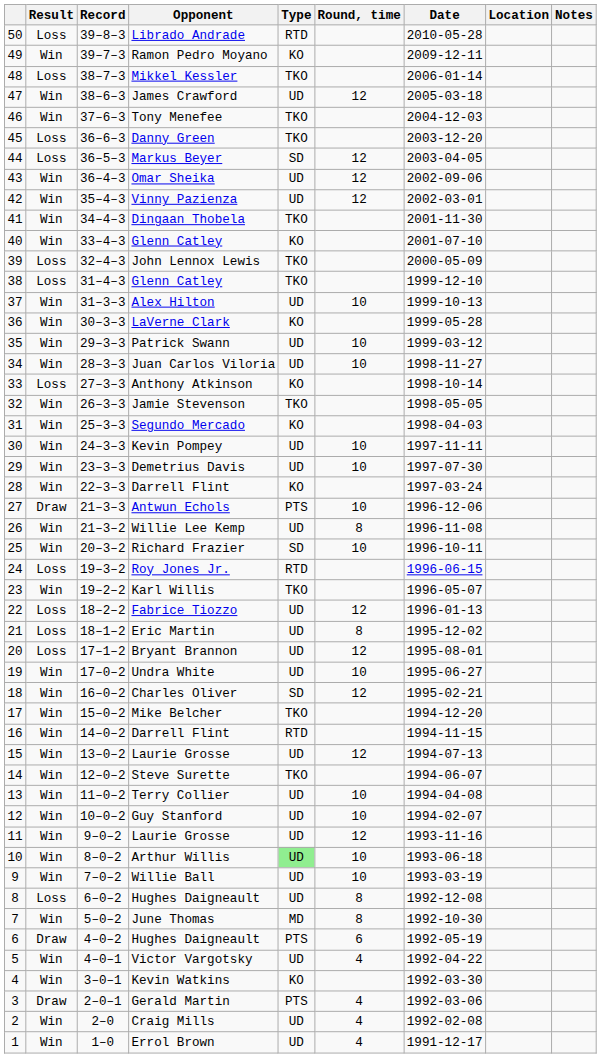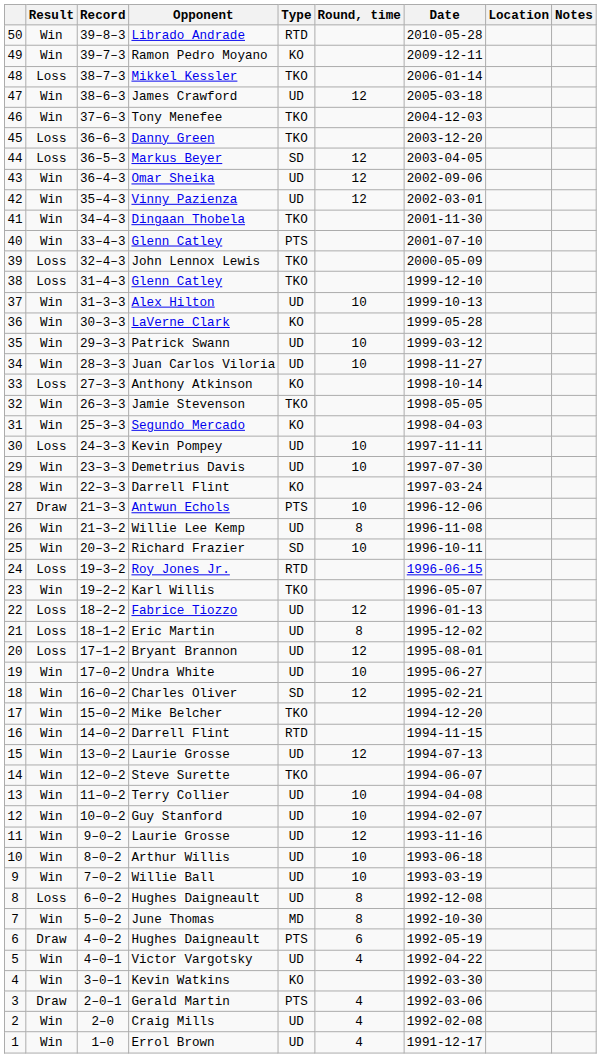 <table class="wikitable" style="text-align:center">
 <tr>
 <th></th>
 <th>Result</th>
 <th>Record</th>
 <th>Opponent</th>
 <th>Type</th>
 <th>Round, time</th>
 <th>Date</th>
 <th>Location</th>
 <th>Notes</th>
 </tr>
 <tr>
 <td>50</td>
-<td>Loss</td>
+<td>Win</td>
 <td>39–8–3</td>
 <td align=left><a href='#'>Librado Andrade</a></td>
 <td>RTD</td>
 <td></td>
 <td>2010-05-28</td>
 <td align=left></td>
 <td align=left></td>
 </tr>
 <tr>
 <td>49</td>
 <td>Win</td>
 <td>39–7–3</td>
 <td align=left>Ramon Pedro Moyano</td>
 <td>KO</td>
 <td></td>
 <td>2009-12-11</td>
 <td align=left></td>
 <td align=left></td>
 </tr>
 <tr>
 <td>48</td>
 <td>Loss</td>
 <td>38–7–3</td>
 <td align=left><a href='#'>Mikkel Kessler</a></td>
 <td>TKO</td>
 <td></td>
 <td>2006-01-14</td>
 <td align=left></td>
 <td align=left></td>
 </tr>
 <tr>
 <td>47</td>
 <td>Win</td>
 <td>38–6–3</td>
 <td align=left>James Crawford</td>
 <td>UD</td>
 <td>12</td>
 <td>2005-03-18</td>
 <td align=left></td>
 <td align=left></td>
 </tr>
 <tr>
 <td>46</td>
 <td>Win</td>
 <td>37–6–3</td>
 <td align=left>Tony Menefee</td>
 <td>TKO</td>
 <td></td>
 <td>2004-12-03</td>
 <td align=left></td>
 <td align=left></td>
 </tr>
 <tr>
 <td>45</td>
 <td>Loss</td>
 <td>36–6–3</td>
 <td align=left><a href='#'>Danny Green</a></td>
 <td>TKO</td>
 <td></td>
 <td>2003-12-20</td>
 <td align=left></td>
 <td align=left></td>
 </tr>
 <tr>
 <td>44</td>
 <td>Loss</td>
 <td>36–5–3</td>
 <td align=left><a href='#'>Markus Beyer</a></td>
 <td>SD</td>
 <td>12</td>
 <td>2003-04-05</td>
 <td align=left></td>
 <td align=left></td>
 </tr>
 <tr>
 <td>43</td>
 <td>Win</td>
 <td>36–4–3</td>
 <td align=left><a href='#'>Omar Sheika</a></td>
 <td>UD</td>
 <td>12</td>
 <td>2002-09-06</td>
 <td align=left></td>
 <td align=left></td>
 </tr>
 <tr>
 <td>42</td>
 <td>Win</td>
 <td>35–4–3</td>
 <td align=left><a href='#'>Vinny Pazienza</a></td>
 <td>UD</td>
 <td>12</td>
 <td>2002-03-01</td>
 <td align=left></td>
 <td align=left></td>
 </tr>
 <tr>
 <td>41</td>
 <td>Win</td>
 <td>34–4–3</td>
 <td align=left><a href='#'>Dingaan Thobela</a></td>
 <td>TKO</td>
 <td></td>
 <td>2001-11-30</td>
 <td align=left></td>
 <td align=left></td>
 </tr>
 <tr>
 <td>40</td>
 <td>Win</td>
 <td>33–4–3</td>
 <td align=left><a href='#'>Glenn Catley</a></td>
-<td>KO</td>
+<td>PTS</td>
 <td></td>
 <td>2001-07-10</td>
 <td align=left></td>
 <td align=left></td>
 </tr>
 <tr>
 <td>39</td>
 <td>Loss</td>
 <td>32–4–3</td>
 <td align=left>John Lennox Lewis</td>
 <td>TKO</td>
 <td></td>
 <td>2000-05-09</td>
 <td align=left></td>
 <td align=left></td>
 </tr>
 <tr>
 <td>38</td>
 <td>Loss</td>
 <td>31–4–3</td>
 <td align=left><a href='#'>Glenn Catley</a></td>
 <td>TKO</td>
 <td></td>
 <td>1999-12-10</td>
 <td align=left></td>
 <td align=left></td>
 </tr>
 <tr>
 <td>37</td>
 <td>Win</td>
 <td>31–3–3</td>
 <td align=left><a href='#'>Alex Hilton</a></td>
 <td>UD</td>
 <td>10</td>
 <td>1999-10-13</td>
 <td align=left></td>
 <td align=left></td>
 </tr>
 <tr>
 <td>36</td>
 <td>Win</td>
 <td>30–3–3</td>
 <td align=left><a href='#'>LaVerne Clark</a></td>
 <td>KO</td>
 <td></td>
 <td>1999-05-28</td>
 <td align=left></td>
 <td align=left></td>
 </tr>
 <tr>
 <td>35</td>
 <td>Win</td>
 <td>29–3–3</td>
 <td align=left>Patrick Swann</td>
 <td>UD</td>
 <td>10</td>
 <td>1999-03-12</td>
 <td align=left></td>
 <td align=left></td>
 </tr>
 <tr>
 <td>34</td>
 <td>Win</td>
 <td>28–3–3</td>
 <td align=left>Juan Carlos Viloria</td>
 <td>UD</td>
 <td>10</td>
 <td>1998-11-27</td>
 <td align=left></td>
 <td align=left></td>
 </tr>
 <tr>
 <td>33</td>
 <td>Loss</td>
 <td>27–3–3</td>
 <td align=left>Anthony Atkinson</td>
 <td>KO</td>
 <td></td>
 <td>1998-10-14</td>
 <td align=left></td>
 <td align=left></td>
 </tr>
 <tr>
 <td>32</td>
 <td>Win</td>
 <td>26–3–3</td>
 <td align=left>Jamie Stevenson</td>
 <td>TKO</td>
 <td></td>
 <td>1998-05-05</td>
 <td align=left></td>
 <td align=left></td>
 </tr>
 <tr>
 <td>31</td>
 <td>Win</td>
 <td>25–3–3</td>
 <td align=left><a href='#'>Segundo Mercado</a></td>
 <td>KO</td>
 <td></td>
 <td>1998-04-03</td>
 <td align=left></td>
 <td align=left></td>
 </tr>
 <tr>
 <td>30</td>
-<td>Win</td>
+<td>Loss</td>
 <td>24–3–3</td>
 <td align=left>Kevin Pompey</td>
 <td>UD</td>
 <td>10</td>
 <td>1997-11-11</td>
 <td align=left></td>
 <td align=left></td>
 </tr>
 <tr>
 <td>29</td>
 <td>Win</td>
 <td>23–3–3</td>
 <td align=left>Demetrius Davis</td>
 <td>UD</td>
 <td>10</td>
 <td>1997-07-30</td>
 <td align=left></td>
 <td align=left></td>
 </tr>
 <tr>
 <td>28</td>
 <td>Win</td>
 <td>22–3–3</td>
 <td align=left>Darrell Flint</td>
 <td>KO</td>
 <td></td>
 <td>1997-03-24</td>
 <td align=left></td>
 <td align=left></td>
 </tr>
 <tr>
 <td>27</td>
 <td>Draw</td>
 <td>21–3–3</td>
 <td align=left><a href='#'>Antwun Echols</a></td>
 <td>PTS</td>
 <td>10</td>
 <td>1996-12-06</td>
 <td align=left></td>
 <td align=left></td>
 </tr>
 <tr>
 <td>26</td>
 <td>Win</td>
 <td>21–3–2</td>
 <td align=left>Willie Lee Kemp</td>
 <td>UD</td>
 <td>8</td>
 <td>1996-11-08</td>
 <td align=left></td>
 <td align=left></td>
 </tr>
 <tr>
 <td>25</td>
 <td>Win</td>
 <td>20–3–2</td>
 <td align=left>Richard Frazier</td>
 <td>SD</td>
 <td>10</td>
 <td>1996-10-11</td>
 <td align=left></td>
 <td align=left></td>
 </tr>
 <tr>
 <td>24</td>
 <td>Loss</td>
 <td>19–3–2</td>
 <td align=left><a href='#'>Roy Jones Jr.</a></td>
 <td>RTD</td>
 <td></td>
 <td><a href='#'>1996-06-15</a></td>
 <td align=left></td>
 <td align=left></td>
 </tr>
 <tr>
 <td>23</td>
 <td>Win</td>
 <td>19–2–2</td>
 <td align=left>Karl Willis</td>
 <td>TKO</td>
 <td></td>
 <td>1996-05-07</td>
 <td align=left></td>
 <td align=left></td>
 </tr>
 <tr>
 <td>22</td>
 <td>Loss</td>
 <td>18–2–2</td>
 <td align=left><a href='#'>Fabrice Tiozzo</a></td>
 <td>UD</td>
 <td>12</td>
 <td>1996-01-13</td>
 <td align=left></td>
 <td align=left></td>
 </tr>
 <tr>
 <td>21</td>
 <td>Loss</td>
 <td>18–1–2</td>
 <td align=left>Eric Martin</td>
 <td>UD</td>
 <td>8</td>
 <td>1995-12-02</td>
 <td align=left></td>
 <td align=left></td>
 </tr>
 <tr>
 <td>20</td>
 <td>Loss</td>
 <td>17–1–2</td>
 <td align=left>Bryant Brannon</td>
 <td>UD</td>
 <td>12</td>
 <td>1995-08-01</td>
 <td align=left></td>
 <td align=left></td>
 </tr>
 <tr>
 <td>19</td>
 <td>Win</td>
 <td>17–0–2</td>
 <td align=left>Undra White</td>
 <td>UD</td>
 <td>10</td>
 <td>1995-06-27</td>
 <td align=left></td>
 <td align=left></td>
 </tr>
 <tr>
 <td>18</td>
 <td>Win</td>
 <td>16–0–2</td>
 <td align=left>Charles Oliver</td>
 <td>SD</td>
 <td>12</td>
 <td>1995-02-21</td>
 <td align=left></td>
 <td align=left></td>
 </tr>
 <tr>
 <td>17</td>
 <td>Win</td>
 <td>15–0–2</td>
 <td align=left>Mike Belcher</td>
 <td>TKO</td>
 <td></td>
 <td>1994-12-20</td>
 <td align=left></td>
 <td align=left></td>
 </tr>
 <tr>
 <td>16</td>
 <td>Win</td>
 <td>14–0–2</td>
 <td align=left>Darrell Flint</td>
 <td>RTD</td>
 <td></td>
 <td>1994-11-15</td>
 <td align=left></td>
 <td align=left></td>
 </tr>
 <tr>
 <td>15</td>
 <td>Win</td>
 <td>13–0–2</td>
 <td align=left>Laurie Grosse</td>
 <td>UD</td>
 <td>12</td>
 <td>1994-07-13</td>
 <td align=left></td>
 <td align=left></td>
 </tr>
 <tr>
 <td>14</td>
 <td>Win</td>
 <td>12–0–2</td>
 <td align=left>Steve Surette</td>
 <td>TKO</td>
 <td></td>
 <td>1994-06-07</td>
 <td align=left></td>
 <td align=left></td>
 </tr>
 <tr>
 <td>13</td>
 <td>Win</td>
 <td>11–0–2</td>
 <td align=left>Terry Collier</td>
 <td>UD</td>
 <td>10</td>
 <td>1994-04-08</td>
 <td align=left></td>
 <td align=left></td>
 </tr>
 <tr>
 <td>12</td>
 <td>Win</td>
 <td>10–0–2</td>
 <td align=left>Guy Stanford</td>
 <td>UD</td>
 <td>10</td>
 <td>1994-02-07</td>
 <td align=left></td>
 <td align=left></td>
 </tr>
 <tr>
 <td>11</td>
 <td>Win</td>
 <td>9–0–2</td>
 <td align=left>Laurie Grosse</td>
 <td>UD</td>
 <td>12</td>
 <td>1993-11-16</td>
 <td align=left></td>
 <td align=left></td>
 </tr>
 <tr>
 <td>10</td>
 <td>Win</td>
 <td>8–0–2</td>
 <td align=left>Arthur Willis</td>
-<td style="background: lightgreen;">UD</td>
+<td>UD</td>
 <td>10</td>
 <td>1993-06-18</td>
 <td align=left></td>
 <td align=left></td>
 </tr>
 <tr>
 <td>9</td>
 <td>Win</td>
 <td>7–0–2</td>
 <td align=left>Willie Ball</td>
 <td>UD</td>
 <td>10</td>
 <td>1993-03-19</td>
 <td align=left></td>
 <td align=left></td>
 </tr>
 <tr>
 <td>8</td>
 <td>Loss</td>
 <td>6–0–2</td>
 <td align=left>Hughes Daigneault</td>
 <td>UD</td>
 <td>8</td>
 <td>1992-12-08</td>
 <td align=left></td>
 <td align=left></td>
 </tr>
 <tr>
 <td>7</td>
 <td>Win</td>
 <td>5–0–2</td>
 <td align=left>June Thomas</td>
 <td>MD</td>
 <td>8</td>
 <td>1992-10-30</td>
 <td align=left></td>
 <td align=left></td>
 </tr>
 <tr>
 <td>6</td>
 <td>Draw</td>
 <td>4–0–2</td>
 <td align=left>Hughes Daigneault</td>
 <td>PTS</td>
 <td>6</td>
 <td>1992-05-19</td>
 <td align=left></td>
 <td align=left></td>
 </tr>
 <tr>
 <td>5</td>
 <td>Win</td>
 <td>4–0–1</td>
 <td align=left>Victor Vargotsky</td>
 <td>UD</td>
 <td>4</td>
 <td>1992-04-22</td>
 <td align=left></td>
 <td align=left></td>
 </tr>
 <tr>
 <td>4</td>
 <td>Win</td>
 <td>3–0–1</td>
 <td align=left>Kevin Watkins</td>
 <td>KO</td>
 <td></td>
 <td>1992-03-30</td>
 <td align=left></td>
 <td align=left></td>
 </tr>
 <tr>
 <td>3</td>
 <td>Draw</td>
 <td>2–0–1</td>
 <td align=left>Gerald Martin</td>
 <td>PTS</td>
 <td>4</td>
 <td>1992-03-06</td>
 <td align=left></td>
 <td align=left></td>
 </tr>
 <tr>
 <td>2</td>
 <td>Win</td>
 <td>2–0</td>
 <td align=left>Craig Mills</td>
 <td>UD</td>
 <td>4</td>
 <td>1992-02-08</td>
 <td align=left></td>
 <td align=left></td>
 </tr>
 <tr>
 <td>1</td>
 <td>Win</td>
 <td>1–0</td>
 <td align=left>Errol Brown</td>
 <td>UD</td>
 <td>4</td>
 <td>1991-12-17</td>
 <td align=left></td>
 <td align=left></td>
 </tr>
 </table>
